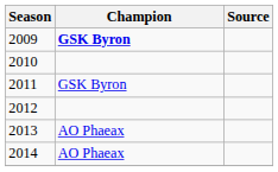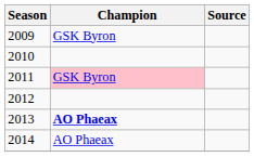 <table class="wikitable" style="text-align:left;margin-left:1em;">
 <tr>
 <th>Season</th>
 <th width="180">Champion</th>
 <th>Source</th>
 </tr>
 <tr>
 <td>2009</td>
-<td><strong><a href='#'>GSK Byron</a></strong></td>
+<td><a href='#'>GSK Byron</a></td>
 <td></td>
 </tr>
 <tr>
 <td>2010</td>
 <td></td>
 <td></td>
 </tr>
 <tr>
 <td>2011</td>
-<td><a href='#'>GSK Byron</a></td>
+<td style="background: pink;"><a href='#'>GSK Byron</a></td>
 <td></td>
 </tr>
 <tr>
 <td>2012</td>
 <td></td>
 <td></td>
 </tr>
 <tr>
 <td>2013</td>
-<td><a href='#'>AO Phaeax</a></td>
+<td><strong><a href='#'>AO Phaeax</a></strong></td>
 <td></td>
 </tr>
 <tr>
 <td>2014</td>
 <td><a href='#'>AO Phaeax</a></td>
 <td></td>
 </tr>
 <tr>
 </tr>
 </table>
